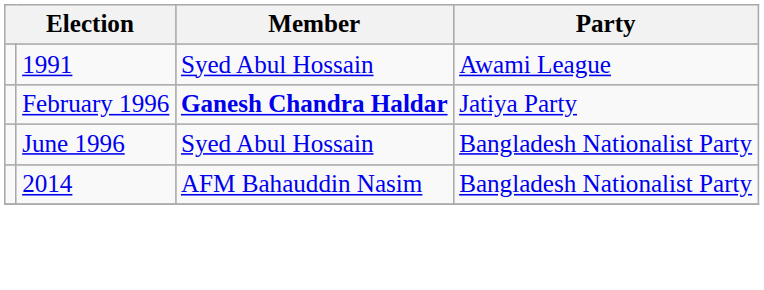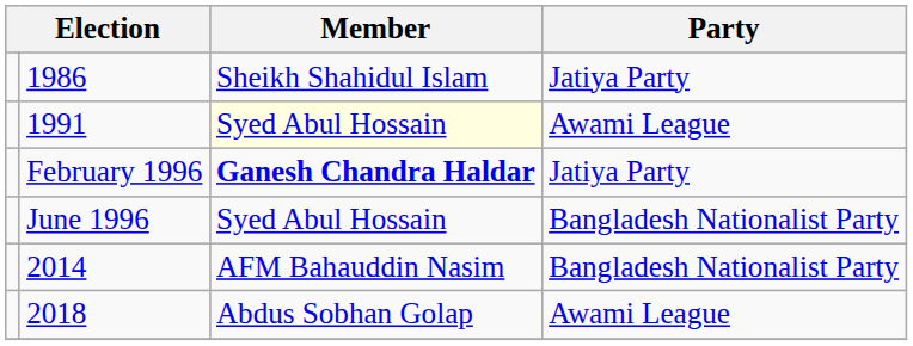 <table class="wikitable">
 <tr>
 <th colspan="2">Election</th>
 <th>Member</th>
 <th>Party</th>
 </tr>
 <tr>
 <td style="background-color:"></td>
+<td><a href='#'>1986</a></td>
+<td><a href='#'>Sheikh Shahidul Islam</a></td>
+<td><a href='#'>Jatiya Party</a></td>
+</tr>
+<tr>
+<td style="background-color:"></td>
 <td><a href='#'>1991</a></td>
-<td><a href='#'>Syed Abul Hossain</a></td>
+<td style="background: lightyellow;"><a href='#'>Syed Abul Hossain</a></td>
 <td><a href='#'>Awami League</a></td>
 </tr>
 <tr>
 <td style="background-color:"></td>
 <td><a href='#'>February 1996</a></td>
 <td><strong><a href='#'>Ganesh Chandra Haldar</a></strong></td>
 <td><a href='#'>Jatiya Party</a></td>
 </tr>
 <tr>
 <td style="background-color:"></td>
 <td><a href='#'>June 1996</a></td>
 <td><a href='#'>Syed Abul Hossain</a></td>
 <td><a href='#'>Bangladesh Nationalist Party</a></td>
 </tr>
 <tr>
 <td style="background-color:"></td>
 <td><a href='#'>2014</a></td>
 <td><a href='#'>AFM Bahauddin Nasim</a></td>
 <td><a href='#'>Bangladesh Nationalist Party</a></td>
 </tr>
 <tr>
+<td style="background-color:"></td>
+<td><a href='#'>2018</a></td>
+<td><a href='#'>Abdus Sobhan Golap</a></td>
+<td><a href='#'>Awami League</a></td>
+</tr>
+<tr>
 </tr>
 </table>
